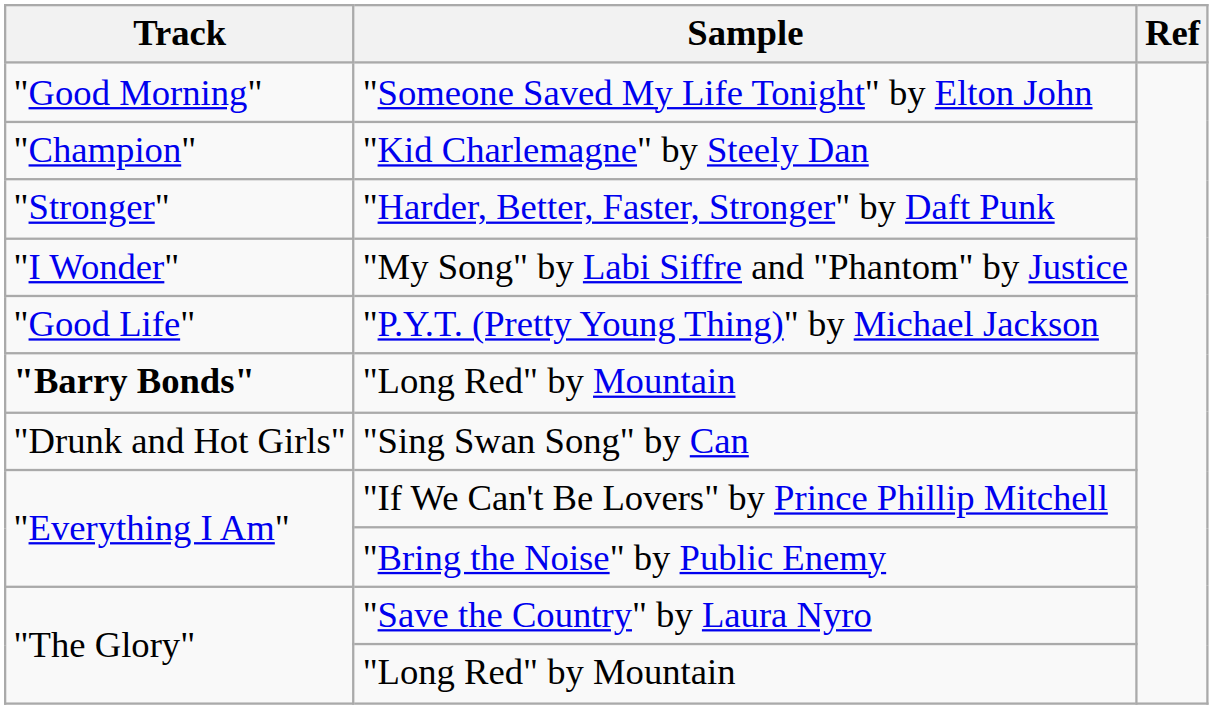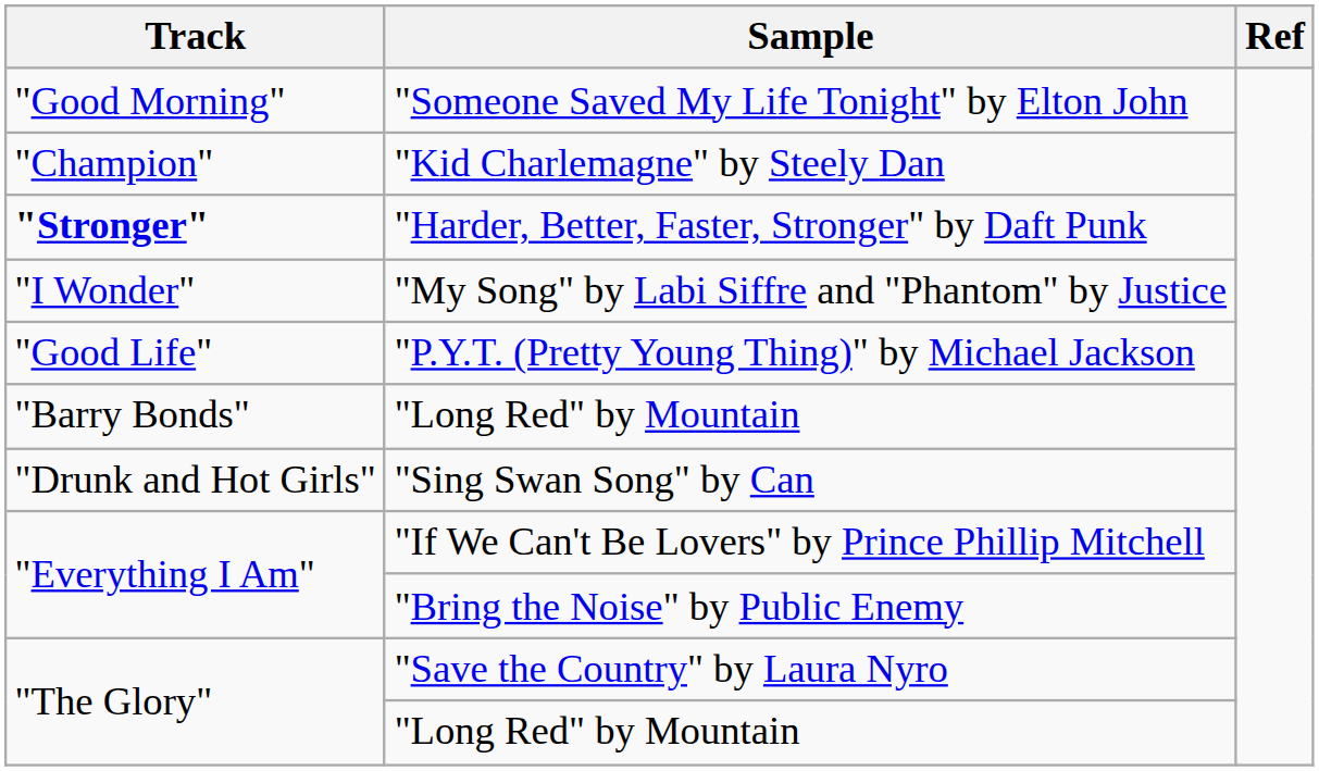 <table class="wikitable">
 <tr>
 <th>Track</th>
 <th>Sample</th>
 <th>Ref</th>
 </tr>
 <tr>
 <td>"<a href='#'>Good Morning</a>"</td>
 <td>"<a href='#'>Someone Saved My Life Tonight</a>" by <a href='#'>Elton John</a></td>
 <td rowspan="11"></td>
 </tr>
 <tr>
 <td>"<a href='#'>Champion</a>"</td>
 <td>"<a href='#'>Kid Charlemagne</a>" by <a href='#'>Steely Dan</a></td>
 </tr>
 <tr>
-<td>"<a href='#'>Stronger</a>"</td>
+<td><strong>"<a href='#'>Stronger</a>"</strong></td>
 <td>"<a href='#'>Harder, Better, Faster, Stronger</a>" by <a href='#'>Daft Punk</a></td>
 </tr>
 <tr>
 <td>"<a href='#'>I Wonder</a>"</td>
 <td>"My Song" by <a href='#'>Labi Siffre</a> and "Phantom" by <a href='#'>Justice</a></td>
 </tr>
 <tr>
 <td>"<a href='#'>Good Life</a>"</td>
 <td>"<a href='#'>P.Y.T. (Pretty Young Thing)</a>" by <a href='#'>Michael Jackson</a></td>
 </tr>
 <tr>
-<td><strong>"Barry Bonds"</strong></td>
+<td>"Barry Bonds"</td>
 <td>"Long Red" by <a href='#'>Mountain</a></td>
 </tr>
 <tr>
 <td>"Drunk and Hot Girls"</td>
 <td>"Sing Swan Song" by <a href='#'>Can</a></td>
 </tr>
 <tr>
 <td rowspan="2">"<a href='#'>Everything I Am</a>"</td>
 <td>"If We Can't Be Lovers" by <a href='#'>Prince Phillip Mitchell</a></td>
 </tr>
 <tr>
 <td>"<a href='#'>Bring the Noise</a>" by <a href='#'>Public Enemy</a></td>
 </tr>
 <tr>
 <td rowspan="2">"The Glory"</td>
 <td>"<a href='#'>Save the Country</a>" by <a href='#'>Laura Nyro</a></td>
 </tr>
 <tr>
 <td>"Long Red" by Mountain</td>
 </tr>
 </table>
